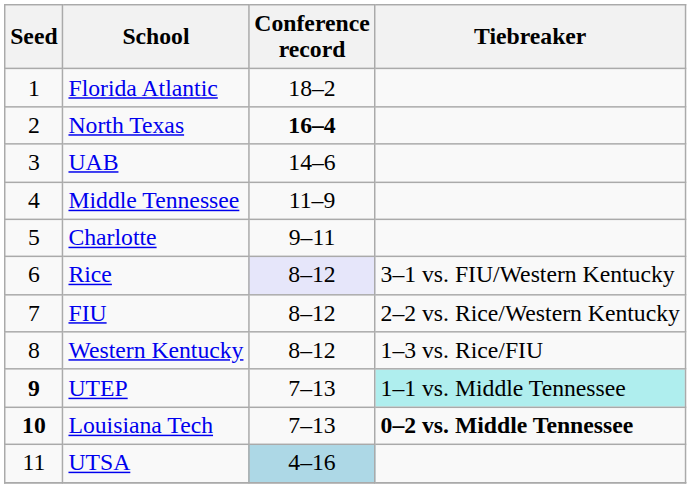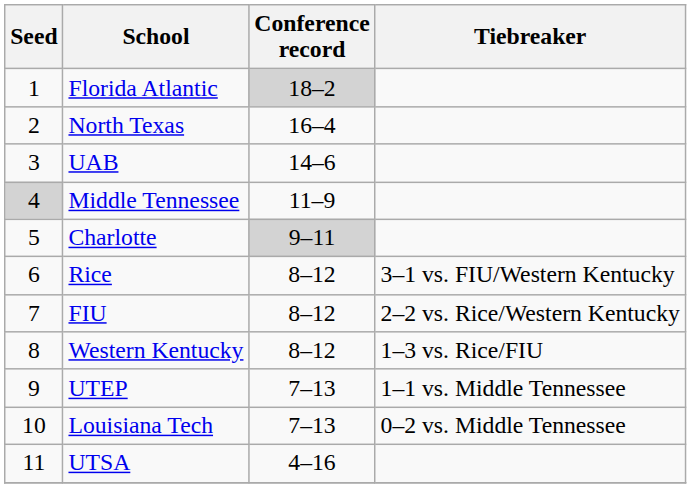 <table class="wikitable" style="white-space:nowrap; text-align:center">
 <tr>
 <th>Seed</th>
 <th>School</th>
 <th>Conference<br>record</th>
 <th>Tiebreaker</th>
 </tr>
 <tr>
 <td>1</td>
 <td align=left><a href='#'>Florida Atlantic</a></td>
-<td>18–2</td>
+<td style="background: lightgrey;">18–2</td>
 <td align=left></td>
 </tr>
 <tr>
 <td>2</td>
 <td align=left><a href='#'>North Texas</a></td>
-<td><strong>16–4</strong></td>
+<td>16–4</td>
 <td align=left></td>
 </tr>
 <tr>
 <td>3</td>
 <td align=left><a href='#'>UAB</a></td>
 <td>14–6</td>
 <td align=left></td>
 </tr>
 <tr>
-<td>4</td>
+<td style="background: lightgrey;">4</td>
 <td align=left><a href='#'>Middle Tennessee</a></td>
 <td>11–9</td>
 <td align=left></td>
 </tr>
 <tr>
 <td>5</td>
 <td align=left><a href='#'>Charlotte</a></td>
-<td>9–11</td>
+<td style="background: lightgrey;">9–11</td>
 <td align=left></td>
 </tr>
 <tr>
 <td>6</td>
 <td align=left><a href='#'>Rice</a></td>
-<td style="background: lavender;">8–12</td>
+<td>8–12</td>
 <td align=left>3–1 vs. FIU/Western Kentucky</td>
 </tr>
 <tr>
 <td>7</td>
 <td align=left><a href='#'>FIU</a></td>
 <td>8–12</td>
 <td align=left>2–2 vs. Rice/Western Kentucky</td>
 </tr>
 <tr>
 <td>8</td>
 <td align=left><a href='#'>Western Kentucky</a></td>
 <td>8–12</td>
 <td align=left>1–3 vs. Rice/FIU</td>
 </tr>
 <tr>
-<td><strong>9</strong></td>
+<td>9</td>
 <td align=left><a href='#'>UTEP</a></td>
 <td>7–13</td>
-<td align=left style="background: paleturquoise;">1–1 vs. Middle Tennessee</td>
+<td align=left>1–1 vs. Middle Tennessee</td>
 </tr>
 <tr>
-<td><strong>10</strong></td>
+<td>10</td>
 <td align=left><a href='#'>Louisiana Tech</a></td>
 <td>7–13</td>
-<td align=left><strong>0–2 vs. Middle Tennessee</strong></td>
+<td align=left>0–2 vs. Middle Tennessee</td>
 </tr>
 <tr>
 <td>11</td>
 <td align=left><a href='#'>UTSA</a></td>
-<td style="background: lightblue;">4–16</td>
+<td>4–16</td>
 <td align=left></td>
 </tr>
 <tr>
 </tr>
 </table>
